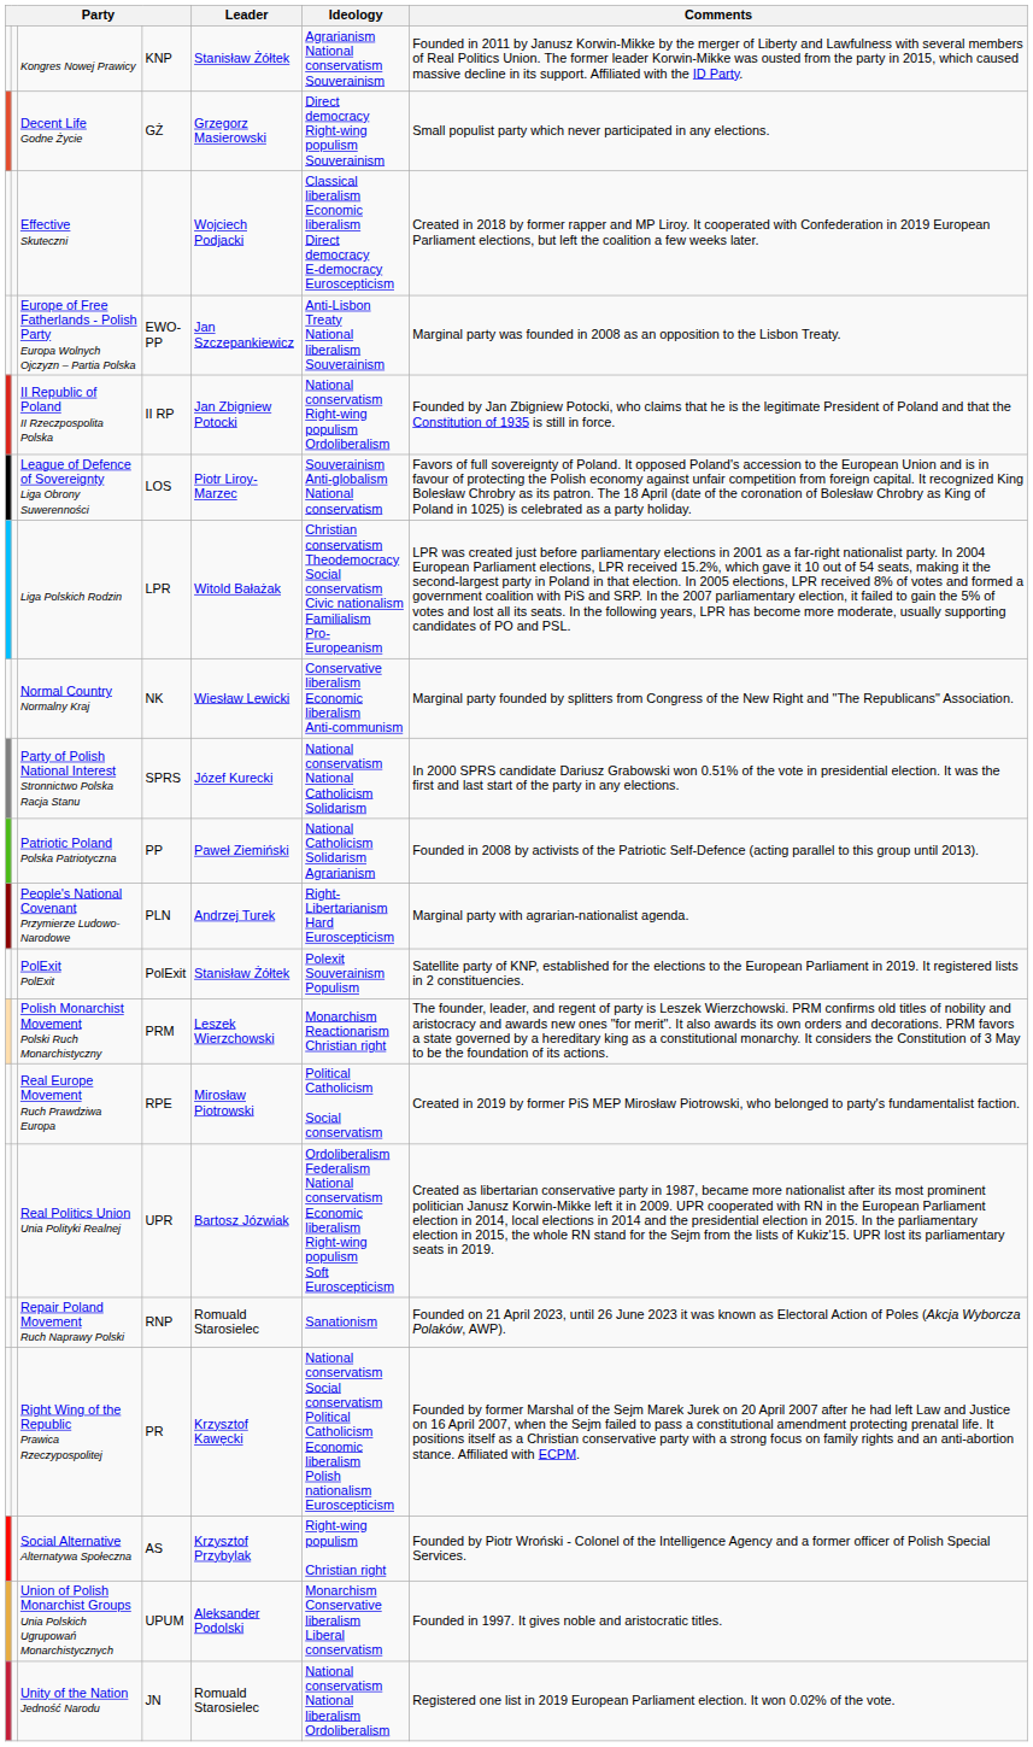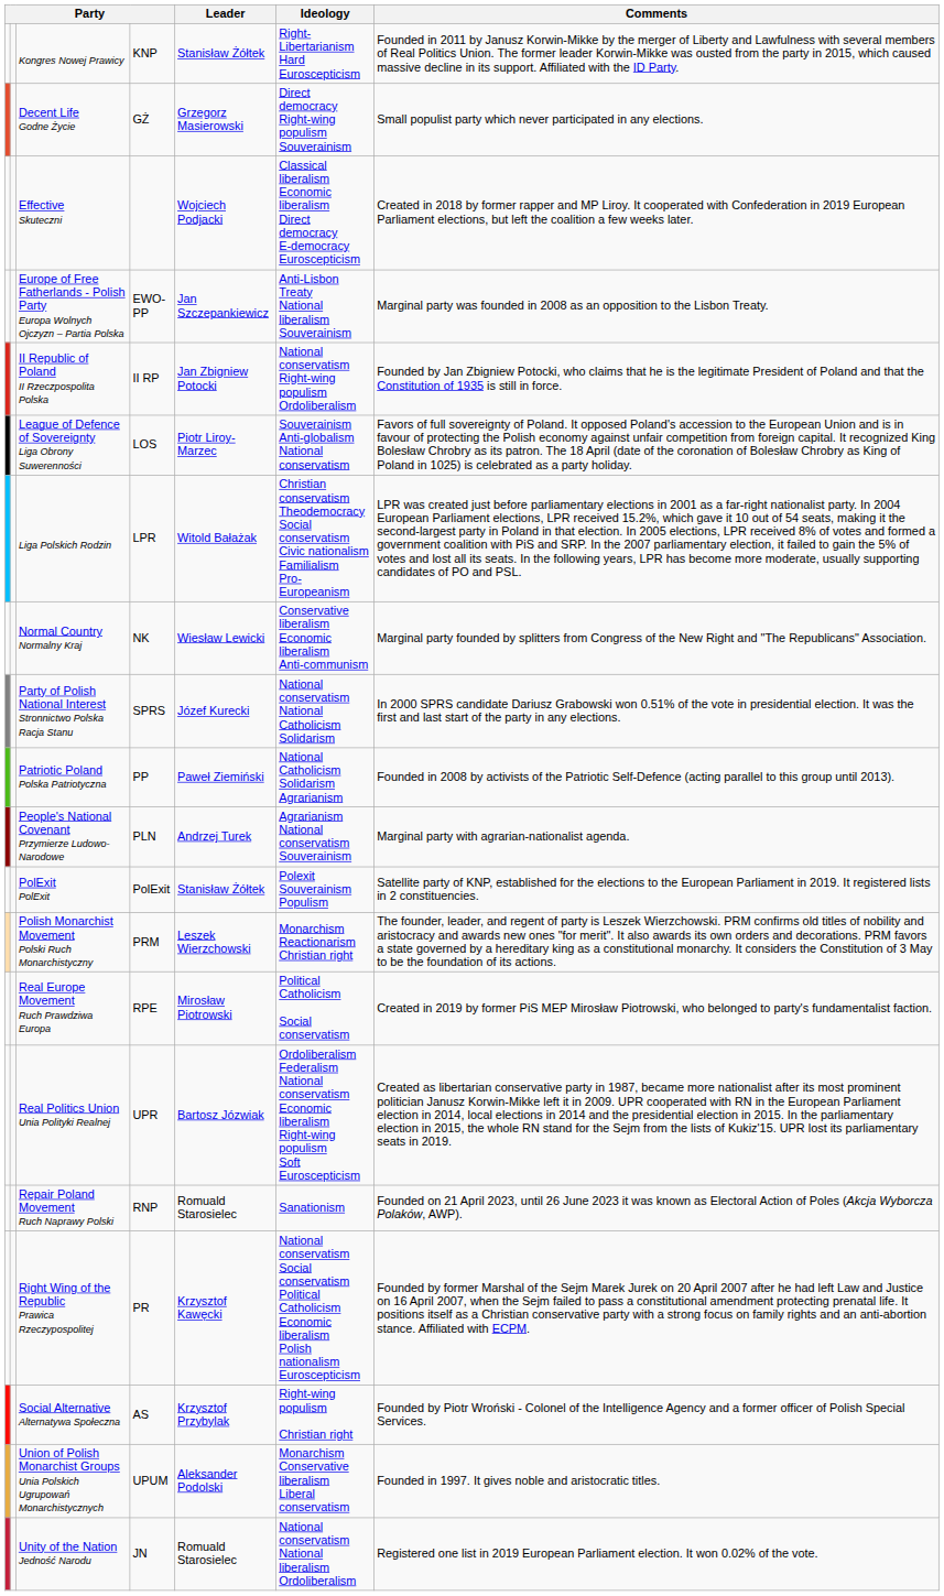 <table class="wikitable sortable">
 <tr>
 <th colspan=4>Party</th>
 <th>Leader</th>
 <th>Ideology</th>
 <th>Comments</th>
 </tr>
 <tr>
 <td></td>
 <td></td>
 <td><br><small><em>Kongres Nowej Prawicy</em><br></small></td>
 <td>KNP</td>
 <td><a href='#'>Stanisław Żółtek</a></td>
-<td><a href='#'>Agrarianism</a><br><a href='#'>National conservatism</a><br><a href='#'>Souverainism</a></td>
+<td {{nowrap><a href='#'>Right-Libertarianism</a><br><a href='#'>Hard Euroscepticism</a></td>
 <td>Founded in 2011 by Janusz Korwin-Mikke by the merger of Liberty and Lawfulness with several members of Real Politics Union. The former leader Korwin-Mikke was ousted from the party in 2015, which caused massive decline in its support. Affiliated with the <a href='#'>ID Party</a>.</td>
 </tr>
 <tr>
 <td bgcolor="#E44D2E"></td>
 <td></td>
 <td><a href='#'>Decent Life</a><br><small><em>Godne Życie</em><br></small></td>
 <td>GŻ</td>
 <td><a href='#'>Grzegorz Masierowski</a></td>
 <td><a href='#'>Direct democracy</a><br><a href='#'>Right-wing populism</a><br><a href='#'>Souverainism</a></td>
 <td>Small populist party which never participated in any elections.</td>
 </tr>
 <tr>
 <td></td>
 <td></td>
 <td><a href='#'>Effective</a><br><small><em>Skuteczni</em><br></small></td>
 <td></td>
 <td><a href='#'>Wojciech Podjacki</a></td>
 <td><a href='#'>Classical liberalism</a><br><a href='#'>Economic liberalism</a><br><a href='#'>Direct democracy</a><br><a href='#'>E-democracy</a><br><a href='#'>Euroscepticism</a></td>
 <td>Created in 2018 by former rapper and MP Liroy. It cooperated with Confederation in 2019 European Parliament elections, but left the coalition a few weeks later.</td>
 </tr>
 <tr>
 <td></td>
 <td></td>
 <td><a href='#'>Europe of Free Fatherlands - Polish Party</a><br><small><em>Europa Wolnych Ojczyzn – Partia Polska</em><br></small></td>
 <td>EWO-PP</td>
 <td><a href='#'>Jan Szczepankiewicz</a></td>
 <td><a href='#'>Anti-Lisbon Treaty</a><br><a href='#'>National liberalism</a><br><a href='#'>Souverainism</a></td>
 <td>Marginal party was founded in 2008 as an opposition to the Lisbon Treaty.</td>
 </tr>
 <tr>
 <td bgcolor="#db251b"></td>
 <td></td>
 <td><a href='#'>II Republic of Poland</a><br><small><em>II Rzeczpospolita Polska</em></small></td>
 <td>II RP</td>
 <td><a href='#'>Jan Zbigniew Potocki</a></td>
 <td><a href='#'>National conservatism</a><br><a href='#'>Right-wing populism</a><br><a href='#'>Ordoliberalism</a></td>
 <td>Founded by Jan Zbigniew Potocki, who claims that he is the legitimate President of Poland and that the <a href='#'>Constitution of 1935</a> is still in force.</td>
 </tr>
 <tr>
 <td bgcolor="#000000"></td>
 <td></td>
 <td><a href='#'>League of Defence of Sovereignty</a><br><small><em>Liga Obrony Suwerenności</em><br></small></td>
 <td>LOS</td>
 <td><a href='#'>Piotr Liroy-Marzec</a></td>
 <td><a href='#'>Souverainism</a><br><a href='#'>Anti-globalism</a><br><a href='#'>National conservatism</a></td>
 <td>Favors of full sovereignty of Poland. It opposed Poland's accession to the European Union and is in favour of protecting the Polish economy against unfair competition from foreign capital. It recognized King Bolesław Chrobry as its patron. The 18 April (date of the coronation of Bolesław Chrobry as King of Poland in 1025) is celebrated as a party holiday.</td>
 </tr>
 <tr>
 <td bgcolor="#00BFFF"></td>
 <td style="text-align:center;"></td>
 <td><br><small><em>Liga Polskich Rodzin</em><br></small></td>
 <td>LPR</td>
 <td><a href='#'>Witold Bałażak</a></td>
 <td><a href='#'>Christian conservatism</a><br><a href='#'>Theodemocracy</a><br><a href='#'>Social conservatism</a><br><a href='#'>Civic nationalism</a><br><a href='#'>Familialism</a><br><a href='#'>Pro-Europeanism</a></td>
 <td>LPR was created just before parliamentary elections in 2001 as a far-right nationalist party. In 2004 European Parliament elections, LPR received 15.2%, which gave it 10 out of 54 seats, making it the second-largest party in Poland in that election. In 2005 elections, LPR received 8% of votes and formed a government coalition with PiS and SRP. In the 2007 parliamentary election, it failed to gain the 5% of votes and lost all its seats. In the following years, LPR has become more moderate, usually supporting candidates of PO and PSL.</td>
 </tr>
 <tr>
 <td></td>
 <td></td>
 <td><a href='#'>Normal Country</a><br><small><em>Normalny Kraj</em><br></small></td>
 <td>NK</td>
 <td><a href='#'>Wiesław Lewicki</a></td>
 <td><a href='#'>Conservative liberalism</a><br><a href='#'>Economic liberalism</a><br><a href='#'>Anti-communism</a></td>
 <td>Marginal party founded by splitters from Congress of the New Right and "The Republicans" Association.</td>
 </tr>
 <tr>
 <td bgcolor="#808080"></td>
 <td></td>
 <td><a href='#'>Party of Polish National Interest</a><br><small><em>Stronnictwo Polska Racja Stanu</em><br></small></td>
 <td>SPRS</td>
 <td><a href='#'>Józef Kurecki</a></td>
 <td><a href='#'>National conservatism</a><br><a href='#'>National Catholicism</a><br><a href='#'>Solidarism</a></td>
 <td>In 2000 SPRS candidate Dariusz Grabowski won 0.51% of the vote in presidential election. It was the first and last start of the party in any elections.</td>
 </tr>
 <tr>
 <td bgcolor="#4CBB17"></td>
 <td></td>
 <td><a href='#'>Patriotic Poland</a><br><small><em>Polska Patriotyczna</em><br></small></td>
 <td>PP</td>
 <td><a href='#'>Paweł Ziemiński</a></td>
 <td><a href='#'>National Catholicism</a><br><a href='#'>Solidarism</a><br><a href='#'>Agrarianism</a></td>
 <td>Founded in 2008 by activists of the Patriotic Self-Defence (acting parallel to this group until 2013).</td>
 </tr>
 <tr>
 <td bgcolor="#8B0000"></td>
 <td></td>
 <td><a href='#'>People's National Covenant</a><br><small><em>Przymierze Ludowo-Narodowe</em><br></small></td>
 <td>PLN</td>
 <td><a href='#'>Andrzej Turek</a></td>
-<td {{nowrap><a href='#'>Right-Libertarianism</a><br><a href='#'>Hard Euroscepticism</a></td>
+<td><a href='#'>Agrarianism</a><br><a href='#'>National conservatism</a><br><a href='#'>Souverainism</a></td>
 <td>Marginal party with agrarian-nationalist agenda.</td>
 </tr>
 <tr>
 <td></td>
 <td style="text-align:center;"></td>
 <td><a href='#'>PolExit</a><br><small><em>PolExit</em><br></small></td>
 <td>PolExit</td>
 <td><a href='#'>Stanisław Żółtek</a></td>
 <td><a href='#'>Polexit</a><br><a href='#'>Souverainism</a><br><a href='#'>Populism</a></td>
 <td>Satellite party of KNP, established for the elections to the European Parliament in 2019. It registered lists in 2 constituencies.</td>
 </tr>
 <tr>
 <td bgcolor="#FFDEAD"></td>
 <td></td>
 <td><a href='#'>Polish Monarchist Movement</a><br><small><em>Polski Ruch Monarchistyczny</em><br></small></td>
 <td>PRM</td>
 <td><a href='#'>Leszek Wierzchowski</a></td>
 <td><a href='#'>Monarchism</a><br><a href='#'>Reactionarism</a><br><a href='#'>Christian right</a></td>
 <td>The founder, leader, and regent of party is Leszek Wierzchowski. PRM confirms old titles of nobility and aristocracy and awards new ones "for merit". It also awards its own orders and decorations. PRM favors a state governed by a hereditary king as a constitutional monarchy. It considers the Constitution of 3 May to be the foundation of its actions.</td>
 </tr>
 <tr>
 <td></td>
 <td></td>
 <td><a href='#'>Real Europe Movement</a><br><small><em>Ruch Prawdziwa Europa</em><br></small></td>
 <td>RPE</td>
 <td><a href='#'>Mirosław Piotrowski</a></td>
 <td><a href='#'>Political Catholicism</a><br><br><a href='#'>Social conservatism</a></td>
 <td>Created in 2019 by former PiS MEP Mirosław Piotrowski, who belonged to party's fundamentalist faction.</td>
 </tr>
 <tr>
 <td></td>
 <td style="text-align:center;"></td>
 <td><a href='#'>Real Politics Union</a><br><small><em>Unia Polityki Realnej</em><br></small></td>
 <td>UPR</td>
 <td><a href='#'>Bartosz Józwiak</a></td>
 <td><a href='#'>Ordoliberalism</a><br><a href='#'>Federalism</a><br><a href='#'>National conservatism</a><br><a href='#'>Economic liberalism</a><br><a href='#'>Right-wing populism</a><br><a href='#'>Soft Euroscepticism</a></td>
 <td>Created as libertarian conservative party in 1987, became more nationalist after its most prominent politician Janusz Korwin-Mikke left it in 2009. UPR cooperated with RN in the European Parliament election in 2014, local elections in 2014 and the presidential election in 2015. In the parliamentary election in 2015, the whole RN stand for the Sejm from the lists of Kukiz'15. UPR lost its parliamentary seats in 2019.</td>
 </tr>
 <tr>
 <td bgcolor=></td>
 <td></td>
 <td><a href='#'>Repair Poland Movement</a><br><small><em>Ruch Naprawy Polski</em></small></td>
 <td>RNP</td>
 <td>Romuald Starosielec</td>
 <td><a href='#'>Sanationism</a></td>
 <td>Founded on 21 April 2023, until 26 June 2023 it was known as Electoral Action of Poles (<em>Akcja Wyborcza Polaków</em>, AWP).</td>
 </tr>
 <tr>
 <td></td>
 <td style="text-align:center;"></td>
 <td><a href='#'>Right Wing of the Republic</a><br><small><em>Prawica Rzeczypospolitej</em><br></small></td>
 <td>PR</td>
 <td><a href='#'>Krzysztof Kawęcki</a></td>
 <td><a href='#'>National conservatism</a><br><a href='#'>Social conservatism</a><br><a href='#'>Political Catholicism</a><br><a href='#'>Economic liberalism</a><br><a href='#'>Polish nationalism</a><br><a href='#'>Euroscepticism</a></td>
 <td>Founded by former Marshal of the Sejm Marek Jurek on 20 April 2007 after he had left Law and Justice on 16 April 2007, when the Sejm failed to pass a constitutional amendment protecting prenatal life. It positions itself as a Christian conservative party with a strong focus on family rights and an anti-abortion stance. Affiliated with <a href='#'>ECPM</a>.</td>
 </tr>
 <tr>
 <td bgcolor="#FF0800"></td>
 <td></td>
 <td><a href='#'>Social Alternative</a><br><small><em>Alternatywa Społeczna</em><br></small></td>
 <td>AS</td>
 <td><a href='#'>Krzysztof Przybylak</a></td>
 <td><a href='#'>Right-wing populism</a><br><br><a href='#'>Christian right</a></td>
 <td>Founded by Piotr Wroński - Colonel of the Intelligence Agency and a former officer of Polish Special Services.</td>
 </tr>
 <tr>
 <td bgcolor="#E8AC41"></td>
 <td></td>
 <td><a href='#'>Union of Polish Monarchist Groups</a><br><small><em>Unia Polskich Ugrupowań Monarchistycznych</em><br></small></td>
 <td>UPUM</td>
 <td><a href='#'>Aleksander Podolski</a></td>
 <td><a href='#'>Monarchism</a><br><a href='#'>Conservative liberalism</a><br><a href='#'>Liberal conservatism</a></td>
 <td>Founded in 1997. It gives noble and aristocratic titles.</td>
 </tr>
 <tr>
 <td bgcolor="#C41E3A"></td>
 <td></td>
 <td><a href='#'>Unity of the Nation</a><br><small><em>Jedność Narodu</em><br></small></td>
 <td>JN</td>
 <td>Romuald Starosielec</td>
 <td><a href='#'>National conservatism</a><br><a href='#'>National liberalism</a><br><a href='#'>Ordoliberalism</a></td>
 <td>Registered one list in 2019 European Parliament election. It won 0.02% of the vote.</td>
 </tr>
 </table>
